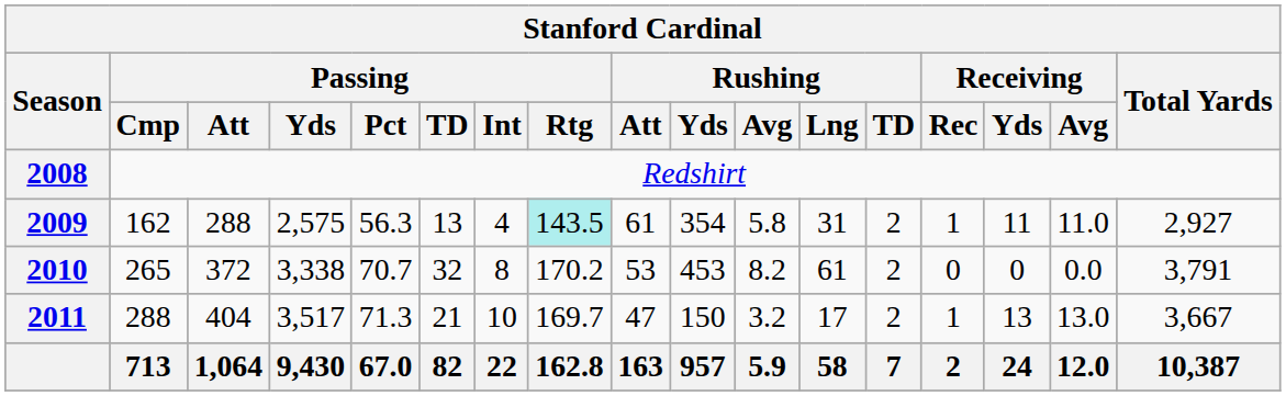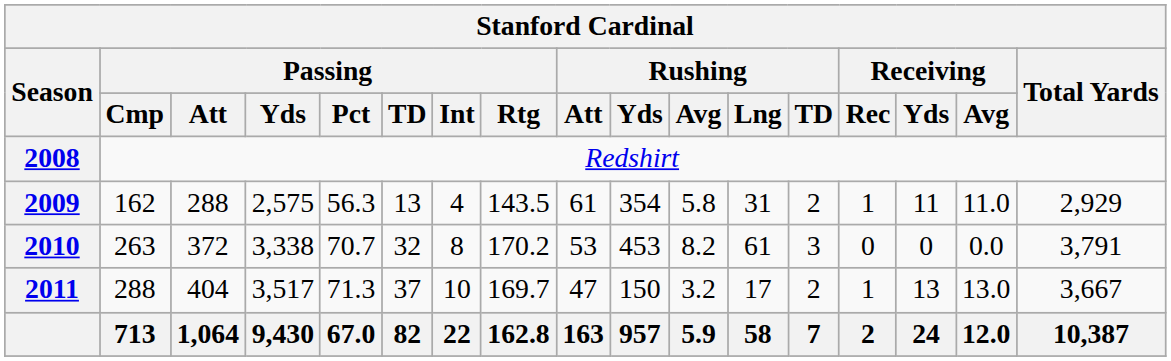 <table class=wikitable style="text-align:center;">
 <tr>
 <th colspan="18">Stanford Cardinal</th>
 </tr>
 <tr>
 <th rowspan="2">Season</th>
 <th colspan="7">Passing</th>
 <th colspan="5">Rushing</th>
 <th colspan="3">Receiving</th>
 <th rowspan="2">Total Yards</th>
 </tr>
 <tr>
 <th>Cmp</th>
 <th>Att</th>
 <th>Yds</th>
 <th>Pct</th>
 <th>TD</th>
 <th>Int</th>
 <th>Rtg</th>
 <th>Att</th>
 <th>Yds</th>
 <th>Avg</th>
 <th>Lng</th>
 <th>TD</th>
 <th>Rec</th>
 <th>Yds</th>
 <th>Avg</th>
 </tr>
 <tr>
 <th><a href='#'>2008</a></th>
 <td colspan="16"> <em><a href='#'>Redshirt</a></em></td>
 </tr>
 <tr>
 <th><a href='#'>2009</a></th>
 <td>162</td>
 <td>288</td>
 <td>2,575</td>
 <td>56.3</td>
 <td>13</td>
 <td>4</td>
-<td style="background: paleturquoise;">143.5</td>
+<td>143.5</td>
 <td>61</td>
 <td>354</td>
 <td>5.8</td>
 <td>31</td>
 <td>2</td>
 <td>1</td>
 <td>11</td>
 <td>11.0</td>
-<td>2,927</td>
+<td>2,929</td>
 </tr>
 <tr>
 <th><a href='#'>2010</a></th>
-<td>265</td>
+<td>263</td>
 <td>372</td>
 <td>3,338</td>
 <td>70.7</td>
 <td>32</td>
 <td>8</td>
 <td>170.2</td>
 <td>53</td>
 <td>453</td>
 <td>8.2</td>
 <td>61</td>
-<td>2</td>
+<td>3</td>
 <td>0</td>
 <td>0</td>
 <td>0.0</td>
 <td>3,791</td>
 </tr>
 <tr>
 <th><a href='#'>2011</a></th>
 <td>288</td>
 <td>404</td>
 <td>3,517</td>
 <td>71.3</td>
-<td>21</td>
+<td>37</td>
 <td>10</td>
 <td>169.7</td>
 <td>47</td>
 <td>150</td>
 <td>3.2</td>
 <td>17</td>
 <td>2</td>
 <td>1</td>
 <td>13</td>
 <td>13.0</td>
 <td>3,667</td>
 </tr>
 <tr>
 <th></th>
 <th>713</th>
 <th>1,064</th>
 <th>9,430</th>
 <th>67.0</th>
 <th>82</th>
 <th>22</th>
 <th>162.8</th>
 <th>163</th>
 <th>957</th>
 <th>5.9</th>
 <th>58</th>
 <th>7</th>
 <th>2</th>
 <th>24</th>
 <th>12.0</th>
 <th>10,387</th>
 </tr>
 </table>
